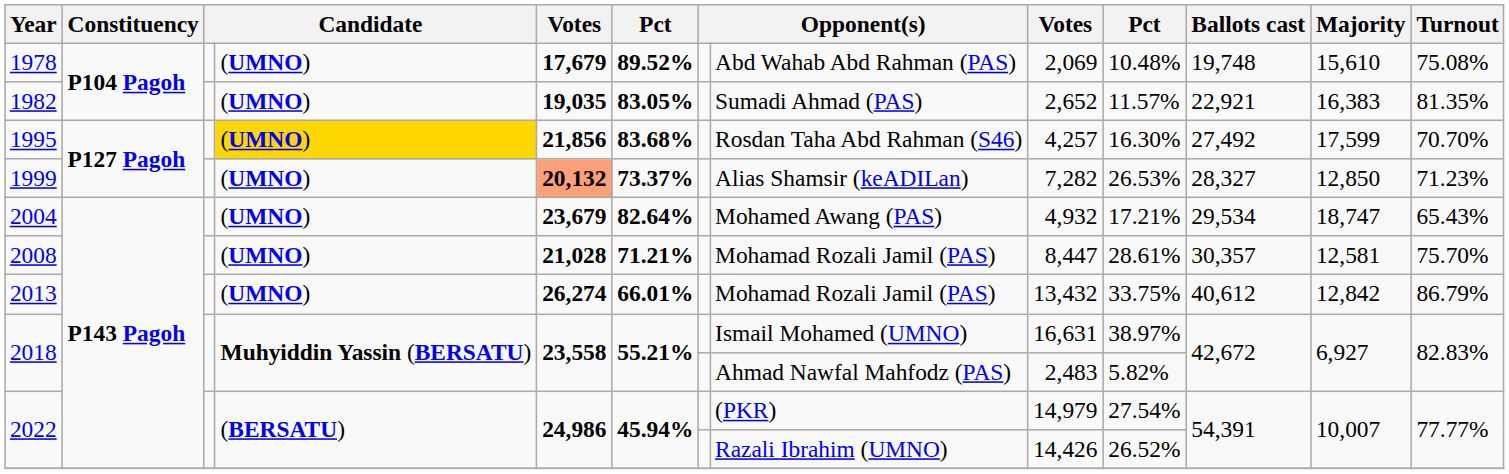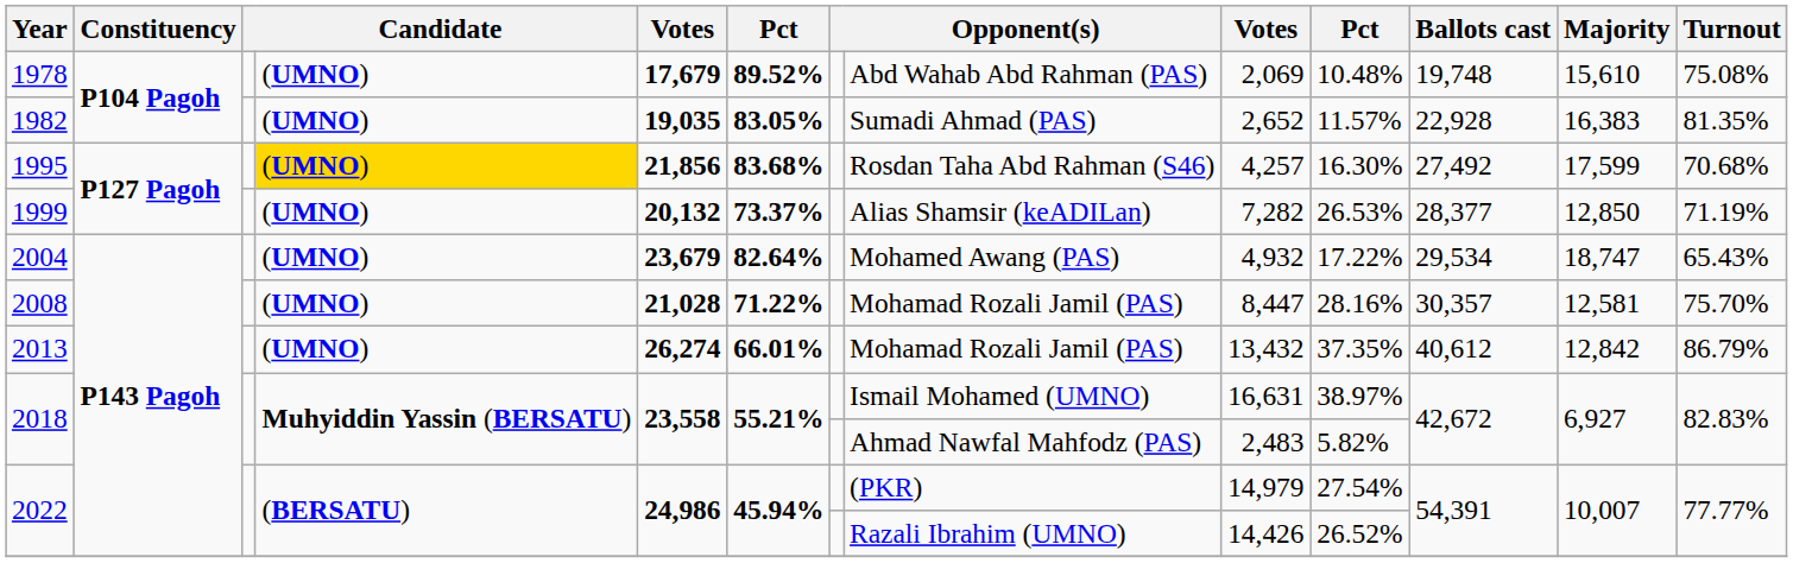 <table class="wikitable" style="margin:0.5em ; font-size:95%">
 <tr>
 <th>Year</th>
 <th>Constituency</th>
 <th colspan=2>Candidate</th>
 <th>Votes</th>
 <th>Pct</th>
 <th colspan=2>Opponent(s)</th>
 <th>Votes</th>
 <th>Pct</th>
 <th>Ballots cast</th>
 <th>Majority</th>
 <th>Turnout</th>
 </tr>
 <tr>
 <td><a href='#'>1978</a></td>
 <td rowspan=2><strong>P104 <a href='#'>Pagoh</a></strong></td>
 <td></td>
 <td> (<a href='#'><strong>UMNO</strong></a>)</td>
 <td style="text-align:right"><strong>17,679</strong></td>
 <td><strong>89.52%</strong></td>
 <td></td>
 <td>Abd Wahab Abd Rahman (<a href='#'>PAS</a>)</td>
 <td style="text-align:right">2,069</td>
 <td>10.48%</td>
 <td>19,748</td>
 <td>15,610</td>
 <td>75.08%</td>
 </tr>
 <tr>
 <td><a href='#'>1982</a></td>
 <td></td>
 <td> (<a href='#'><strong>UMNO</strong></a>)</td>
 <td style="text-align:right"><strong>19,035</strong></td>
 <td><strong>83.05%</strong></td>
 <td></td>
 <td>Sumadi Ahmad (<a href='#'>PAS</a>)</td>
 <td style="text-align:right">2,652</td>
 <td>11.57%</td>
-<td>22,921</td>
+<td>22,928</td>
 <td>16,383</td>
 <td>81.35%</td>
 </tr>
 <tr>
 <td><a href='#'>1995</a></td>
 <td rowspan=2><strong>P127 <a href='#'>Pagoh</a></strong></td>
 <td></td>
 <td style="background: gold;"> (<a href='#'><strong>UMNO</strong></a>)</td>
 <td style="text-align:right"><strong>21,856</strong></td>
 <td><strong>83.68%</strong></td>
 <td></td>
 <td>Rosdan Taha Abd Rahman (<a href='#'>S46</a>)</td>
 <td style="text-align:right">4,257</td>
 <td>16.30%</td>
 <td>27,492</td>
 <td>17,599</td>
-<td>70.70%</td>
+<td>70.68%</td>
 </tr>
 <tr>
 <td><a href='#'>1999</a></td>
 <td></td>
 <td> (<a href='#'><strong>UMNO</strong></a>)</td>
-<td style="background: lightsalmon; text-align:right"><strong>20,132</strong></td>
+<td style="text-align:right"><strong>20,132</strong></td>
 <td><strong>73.37%</strong></td>
 <td></td>
 <td>Alias Shamsir (<a href='#'>keADILan</a>)</td>
 <td style="text-align:right">7,282</td>
 <td>26.53%</td>
-<td>28,327</td>
+<td>28,377</td>
 <td>12,850</td>
-<td>71.23%</td>
+<td>71.19%</td>
 </tr>
 <tr>
 <td><a href='#'>2004</a></td>
 <td rowspan=7><strong>P143 <a href='#'>Pagoh</a></strong></td>
 <td></td>
 <td> (<a href='#'><strong>UMNO</strong></a>)</td>
 <td style="text-align:right"><strong>23,679</strong></td>
 <td><strong>82.64%</strong></td>
 <td></td>
 <td>Mohamed Awang (<a href='#'>PAS</a>)</td>
 <td style="text-align:right">4,932</td>
-<td>17.21%</td>
+<td>17.22%</td>
 <td>29,534</td>
 <td>18,747</td>
 <td>65.43%</td>
 </tr>
 <tr>
 <td><a href='#'>2008</a></td>
 <td></td>
 <td> (<a href='#'><strong>UMNO</strong></a>)</td>
 <td style="text-align:right"><strong>21,028</strong></td>
-<td><strong>71.21%</strong></td>
+<td><strong>71.22%</strong></td>
 <td></td>
 <td>Mohamad Rozali Jamil (<a href='#'>PAS</a>)</td>
 <td style="text-align:right">8,447</td>
-<td>28.61%</td>
+<td>28.16%</td>
 <td>30,357</td>
 <td>12,581</td>
 <td>75.70%</td>
 </tr>
 <tr>
 <td><a href='#'>2013</a></td>
 <td></td>
 <td> (<a href='#'><strong>UMNO</strong></a>)</td>
 <td style="text-align:right"><strong>26,274</strong></td>
 <td><strong>66.01%</strong></td>
 <td></td>
 <td>Mohamad Rozali Jamil (<a href='#'>PAS</a>)</td>
 <td style="text-align:right">13,432</td>
-<td>33.75%</td>
+<td>37.35%</td>
 <td>40,612</td>
 <td>12,842</td>
 <td>86.79%</td>
 </tr>
 <tr>
 <td rowspan="2"><a href='#'>2018</a></td>
 <td rowspan="2" ></td>
 <td rowspan="2"><strong>Muhyiddin Yassin</strong> (<a href='#'><strong>BERSATU</strong></a>)</td>
 <td rowspan="2" style="text-align:right"><strong>23,558</strong></td>
 <td rowspan="2"><strong>55.21%</strong></td>
 <td></td>
 <td>Ismail Mohamed (<a href='#'>UMNO</a>)</td>
 <td style="text-align:right">16,631</td>
 <td>38.97%</td>
 <td rowspan="2">42,672</td>
 <td rowspan="2">6,927</td>
 <td rowspan="2">82.83%</td>
 </tr>
 <tr>
 <td></td>
 <td>Ahmad Nawfal Mahfodz (<a href='#'>PAS</a>)</td>
 <td style="text-align:right">2,483</td>
 <td>5.82%</td>
 </tr>
 <tr>
 <td rowspan=2><a href='#'>2022</a></td>
 <td rowspan=2 bgcolor=></td>
 <td rowspan=2> (<a href='#'><strong>BERSATU</strong></a>)</td>
 <td rowspan=2 style="text-align:right"><strong>24,986</strong></td>
 <td rowspan=2><strong>45.94%</strong></td>
 <td></td>
 <td> (<a href='#'>PKR</a>)</td>
 <td style="text-align:right">14,979</td>
 <td>27.54%</td>
 <td rowspan=2>54,391</td>
 <td rowspan=2>10,007</td>
 <td rowspan=2>77.77%</td>
 </tr>
 <tr>
 <td></td>
 <td><a href='#'>Razali Ibrahim</a> (<a href='#'>UMNO</a>)</td>
 <td style="text-align:right">14,426</td>
 <td>26.52%</td>
 </tr>
 <tr>
 </tr>
 </table>
